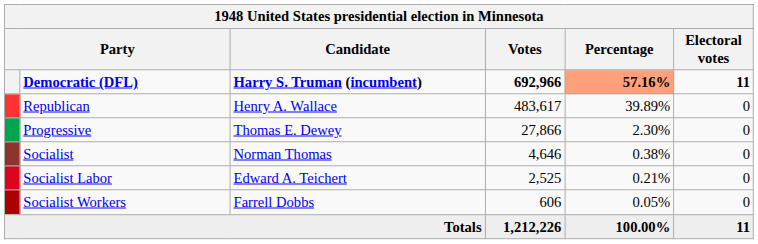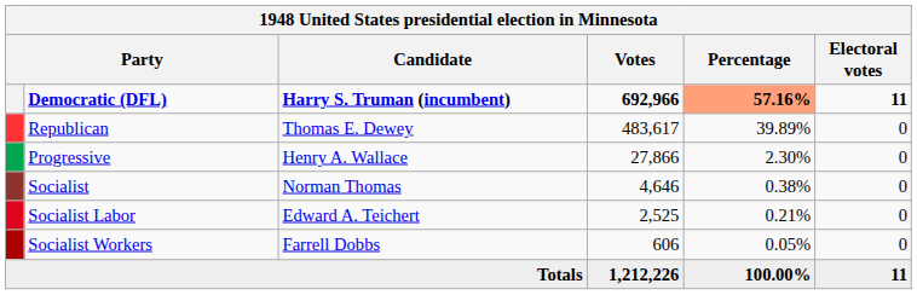 <table class="wikitable" style="font-size: 95%;">
 <tr>
 <th colspan="6">1948 United States presidential election in Minnesota</th>
 </tr>
 <tr>
 <th colspan="2" style="width: 15em">Party</th>
 <th style="width: 17em">Candidate</th>
 <th style="width: 5em">Votes</th>
 <th style="width: 7em">Percentage</th>
 <th style="width: 5em">Electoral votes</th>
 </tr>
 <tr>
 <th style="background-color:"></th>
 <td style="width: 130px"><strong><a href='#'>Democratic (DFL)</a></strong></td>
 <td><strong><a href='#'>Harry S. Truman</a> (<a href='#'>incumbent</a>)</strong></td>
 <td align="right"><strong>692,966</strong></td>
 <td align="right" style="background: lightsalmon;"><strong>57.16%</strong></td>
 <td align="right"><strong>11</strong></td>
 </tr>
 <tr>
 <th style="background-color:#FF3333; width: 3px"></th>
 <td style="width: 130px"><a href='#'>Republican</a></td>
-<td><a href='#'>Henry A. Wallace</a></td>
+<td><a href='#'>Thomas E. Dewey</a></td>
 <td align="right">483,617</td>
 <td align="right">39.89%</td>
 <td align="right">0</td>
 </tr>
 <tr>
 <th style="background-color:#00A550; width: 3px"></th>
 <td style="width: 130px"><a href='#'>Progressive</a></td>
-<td><a href='#'>Thomas E. Dewey</a></td>
+<td><a href='#'>Henry A. Wallace</a></td>
 <td align="right">27,866</td>
 <td align="right">2.30%</td>
 <td align="right">0</td>
 </tr>
 <tr>
 <th style="background-color:#8D342E; width: 3px"></th>
 <td style="width: 130px"><a href='#'>Socialist</a></td>
 <td><a href='#'>Norman Thomas</a></td>
 <td align="right">4,646</td>
 <td align="right">0.38%</td>
 <td align="right">0</td>
 </tr>
 <tr>
 <th style="background-color:#DD051D; width: 3px"></th>
 <td style="width: 130px"><a href='#'>Socialist Labor</a></td>
 <td><a href='#'>Edward A. Teichert</a></td>
 <td align="right">2,525</td>
 <td align="right">0.21%</td>
 <td align="right">0</td>
 </tr>
 <tr>
 <th style="background-color:#aa0000; width: 3px"></th>
 <td style="width: 130px"><a href='#'>Socialist Workers</a></td>
 <td><a href='#'>Farrell Dobbs</a></td>
 <td align="right">606</td>
 <td align="right">0.05%</td>
 <td align="right">0</td>
 </tr>
 <tr bgcolor="#EEEEEE">
 <td colspan="3" align="right"><strong>Totals</strong></td>
 <td align="right"><strong>1,212,226</strong></td>
 <td align="right"><strong>100.00%</strong></td>
 <td align="right"><strong>11</strong></td>
 </tr>
 </table>
